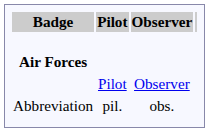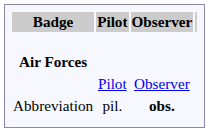 <table style="border:1px solid #8888aa; background:#f7f8ff; padding:5px; font-size:95%; margin:0 12px 12px 0;" style="margin:auto; width:100%;">
 <tr style="background:#ccc;">
 <th>Badge</th>
 <th>Pilot</th>
 <th>Observer</th>
 <th></th>
 </tr>
 <tr>
 <td style="text-align:center;"><strong><br>Air Forces</strong></td>
 <td style="text-align:center;"></td>
 <td style="text-align:center;"></td>
 </tr>
 <tr>
 <td style="text-align:center;"></td>
 <td style="text-align:center;"><a href='#'>Pilot</a></td>
 <td style="text-align:center;"><a href='#'>Observer</a></td>
 </tr>
 <tr style="text-align:center;">
 <td>Abbreviation</td>
 <td>pil.</td>
-<td>obs.</td>
+<td><strong>obs.</strong></td>
 <td></td>
 </tr>
 <tr>
 <td colspan = 8></td>
 </tr>
 </table>
